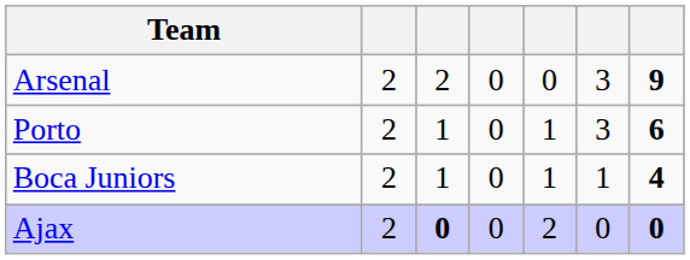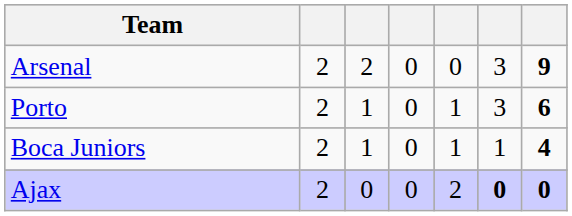 <table class="wikitable" style="text-align: center;">
 <tr>
 <th style="width:175px;">Team</th>
 <th width="20"></th>
 <th width="20"></th>
 <th width="20"></th>
 <th width="20"></th>
 <th width="20"></th>
 <th width="20"></th>
 </tr>
 <tr bgcolor=>
 <td align=left> <a href='#'>Arsenal</a></td>
 <td>2</td>
 <td>2</td>
 <td>0</td>
 <td>0</td>
 <td>3</td>
 <td><strong>9</strong></td>
 </tr>
 <tr bgcolor=>
 <td align=left> <a href='#'>Porto</a></td>
 <td>2</td>
 <td>1</td>
 <td>0</td>
 <td>1</td>
 <td>3</td>
 <td><strong>6</strong></td>
 </tr>
 <tr bgcolor=>
 <td align=left> <a href='#'>Boca Juniors</a></td>
 <td>2</td>
 <td>1</td>
 <td>0</td>
 <td>1</td>
 <td>1</td>
 <td><strong>4</strong></td>
 </tr>
 <tr bgcolor=ccccff>
 <td align=left> <a href='#'>Ajax</a></td>
 <td>2</td>
-<td><strong>0</strong></td>
+<td>0</td>
 <td>0</td>
 <td>2</td>
-<td>0</td>
+<td><strong>0</strong></td>
 <td><strong>0</strong></td>
 </tr>
 </table>
